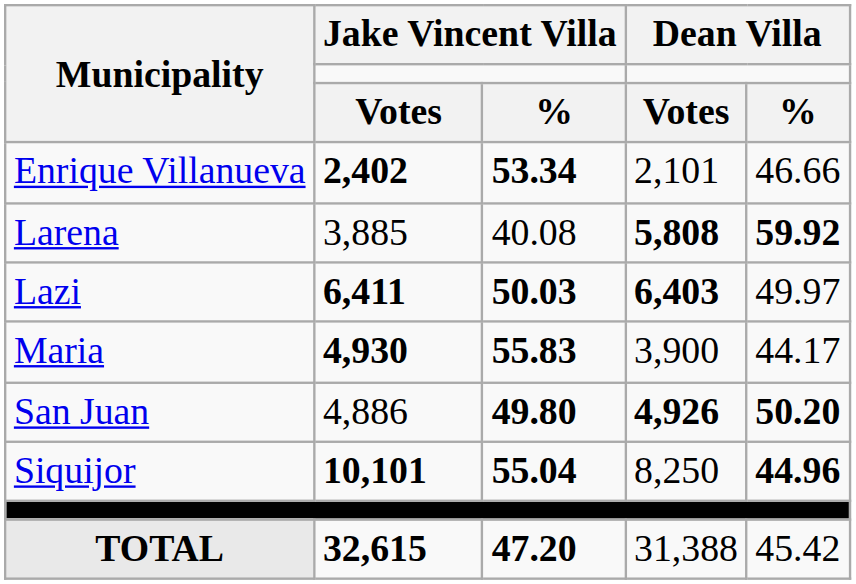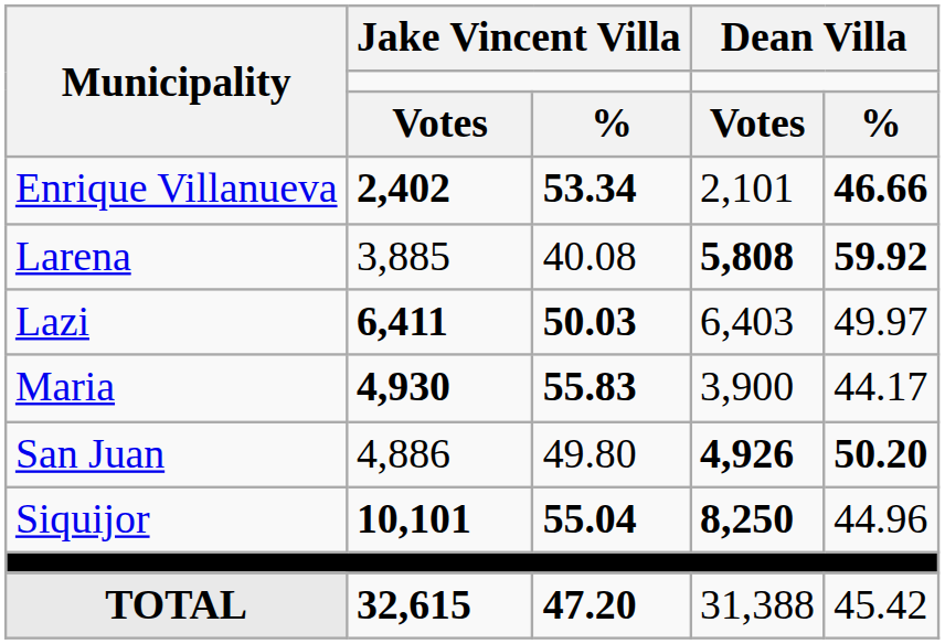 <table class="wikitable" style="text-align=center">
 <tr>
 <th rowspan="3">Municipality</th>
 <th colspan="2">Jake Vincent Villa</th>
 <th colspan="2">Dean Villa</th>
 </tr>
 <tr>
 <td colspan="2" style="background:"></td>
 <td colspan="2" style="background:"></td>
 </tr>
 <tr>
 <th>Votes</th>
 <th>%</th>
 <th>Votes</th>
 <th>%</th>
 </tr>
 <tr>
 <td align="left"><a href='#'>Enrique Villanueva</a></td>
 <td style="background:"><strong>2,402</strong></td>
 <td style="background:"><strong>53.34</strong></td>
 <td>2,101</td>
-<td>46.66</td>
+<td><strong>46.66</strong></td>
 </tr>
 <tr>
 <td align="left"><a href='#'>Larena</a></td>
 <td>3,885</td>
 <td>40.08</td>
 <td style="background:"><strong>5,808</strong></td>
 <td style="background:"><strong>59.92</strong></td>
 </tr>
 <tr>
 <td align="left"><a href='#'>Lazi</a></td>
 <td style="background:"><strong>6,411</strong></td>
 <td style="background:"><strong>50.03</strong></td>
-<td><strong>6,403</strong></td>
+<td>6,403</td>
 <td>49.97</td>
 </tr>
 <tr>
 <td align="left"><a href='#'>Maria</a></td>
 <td style="background:"><strong>4,930</strong></td>
 <td style="background:"><strong>55.83</strong></td>
 <td>3,900</td>
 <td>44.17</td>
 </tr>
 <tr>
 <td align="left"><a href='#'>San Juan</a></td>
 <td>4,886</td>
-<td><strong>49.80</strong></td>
+<td>49.80</td>
 <td style="background:"><strong>4,926</strong></td>
 <td style="background:"><strong>50.20</strong></td>
 </tr>
 <tr>
 <td align="left"><a href='#'>Siquijor</a></td>
 <td style="background:"><strong>10,101</strong></td>
 <td style="background:"><strong>55.04</strong></td>
-<td>8,250</td>
-<td><strong>44.96</strong></td>
+<td><strong>8,250</strong></td>
+<td>44.96</td>
 </tr>
 <tr>
 <td colspan=5 bgcolor=black></td>
 </tr>
 <tr>
 <td style="background:#E9E9E9;" align="center"><strong>TOTAL</strong></td>
 <td style="background:"><strong>32,615</strong></td>
 <td style="background:"><strong>47.20</strong></td>
 <td>31,388</td>
 <td>45.42</td>
 </tr>
 </table>
